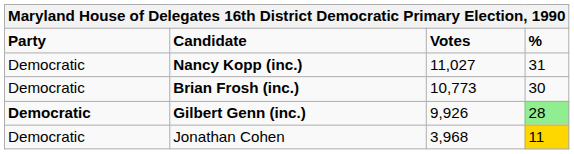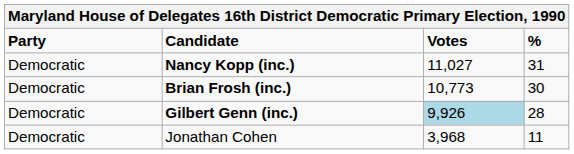 <table class="wikitable">
 <tr>
 <th colspan="4">Maryland House of Delegates 16th District Democratic Primary Election, 1990</th>
 </tr>
 <tr>
 <td><strong>Party</strong></td>
 <td><strong>Candidate</strong></td>
 <td><strong>Votes</strong></td>
 <td><strong>%</strong></td>
 </tr>
 <tr>
 <td>Democratic</td>
 <td><strong>Nancy Kopp (inc.)</strong></td>
 <td>11,027</td>
 <td>31</td>
 </tr>
 <tr>
 <td>Democratic</td>
 <td><strong>Brian Frosh (inc.)</strong></td>
 <td>10,773</td>
 <td>30</td>
 </tr>
 <tr>
-<td><strong>Democratic</strong></td>
+<td>Democratic</td>
 <td><strong>Gilbert Genn (inc.)</strong></td>
-<td>9,926</td>
-<td style="background: lightgreen;">28</td>
+<td style="background: lightblue;">9,926</td>
+<td>28</td>
 </tr>
 <tr>
 <td>Democratic</td>
 <td>Jonathan Cohen</td>
 <td>3,968</td>
-<td style="background: gold;">11</td>
+<td>11</td>
 </tr>
 </table>
